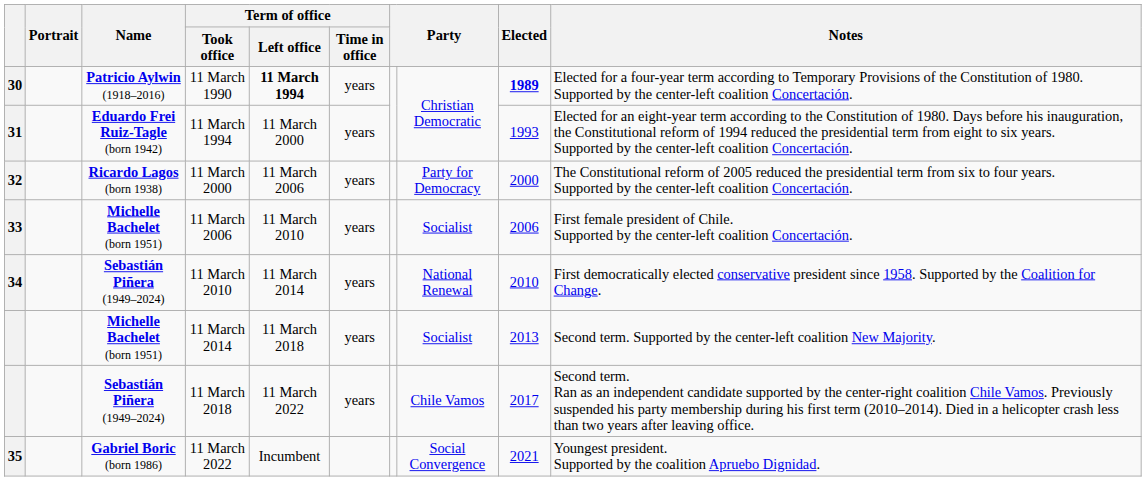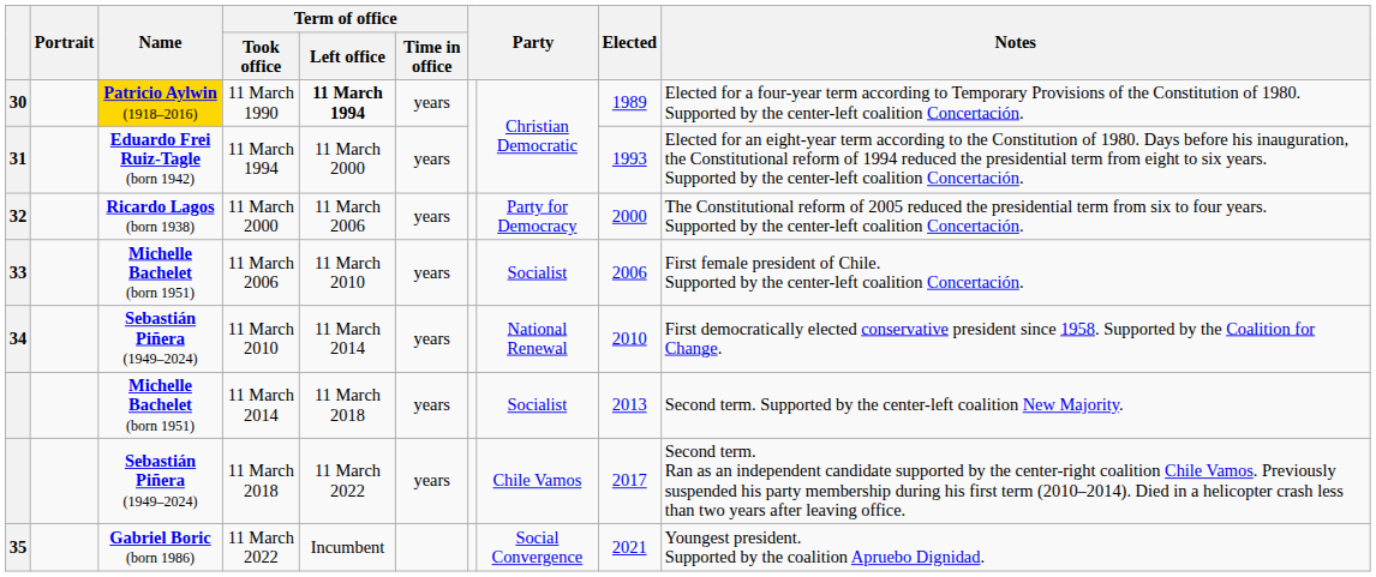 <table class="wikitable" width="100%" style="text-align:center">
 <tr>
 <th rowspan=2></th>
 <th rowspan=2>Portrait</th>
 <th rowspan=2>Name<br></th>
 <th colspan=3>Term of office</th>
 <th colspan=2 rowspan=2>Party</th>
 <th rowspan=2>Elected</th>
 <th rowspan=2>Notes</th>
 </tr>
 <tr>
 <th>Took office</th>
 <th>Left office</th>
 <th>Time in office</th>
 </tr>
 <tr>
 <th>30</th>
 <td></td>
-<td><strong><a href='#'>Patricio Aylwin</a></strong><br><small>(1918–2016)</small></td>
+<td style="background: gold;"><strong><a href='#'>Patricio Aylwin</a></strong><br><small>(1918–2016)</small></td>
 <td>11 March 1990</td>
 <td><strong>11 March 1994</strong></td>
 <td> years</td>
 <td rowspan="2" style="background-color:"></td>
 <td rowspan="2"><a href='#'>Christian Democratic</a></td>
-<td><strong><a href='#'>1989</a></strong></td>
+<td><a href='#'>1989</a></td>
 <td align=left>Elected for a four-year term according to Temporary Provisions of the Constitution of 1980. <br>Supported by the center-left coalition <a href='#'>Concertación</a>.</td>
 </tr>
 <tr>
 <th>31</th>
 <td></td>
 <td><strong><a href='#'>Eduardo Frei Ruiz-Tagle</a></strong><br><small>(born 1942)</small></td>
 <td>11 March 1994</td>
 <td>11 March 2000</td>
 <td> years</td>
 <td><a href='#'>1993</a></td>
 <td align=left>Elected for an eight-year term according to the Constitution of 1980. Days before his inauguration, the Constitutional reform of 1994 reduced the presidential term from eight to six years. <br>Supported by the center-left coalition <a href='#'>Concertación</a>.</td>
 </tr>
 <tr>
 <th>32</th>
 <td></td>
 <td><strong><a href='#'>Ricardo Lagos</a></strong><br><small>(born 1938)</small></td>
 <td>11 March 2000</td>
 <td>11 March 2006</td>
 <td> years</td>
 <td style="background-color:"></td>
 <td><a href='#'>Party for Democracy</a></td>
 <td><a href='#'>2000</a></td>
 <td align=left>The Constitutional reform of 2005 reduced the presidential term from six to four years. <br>Supported by the center-left coalition <a href='#'>Concertación</a>.</td>
 </tr>
 <tr>
 <th>33</th>
 <td></td>
 <td><strong><a href='#'>Michelle Bachelet</a></strong><br><small>(born 1951)</small></td>
 <td>11 March 2006</td>
 <td>11 March 2010</td>
 <td> years</td>
 <td style="background-color:"></td>
 <td><a href='#'>Socialist</a></td>
 <td><a href='#'>2006</a></td>
 <td align=left>First female president of Chile. <br>Supported by the center-left coalition <a href='#'>Concertación</a>.</td>
 </tr>
 <tr>
 <th>34</th>
 <td></td>
 <td><strong><a href='#'>Sebastián Piñera</a></strong><br><small>(1949–2024)</small></td>
 <td>11 March 2010</td>
 <td>11 March 2014</td>
 <td> years</td>
 <td style="background-color:"></td>
 <td><a href='#'>National Renewal</a></td>
 <td><a href='#'>2010</a></td>
 <td align=left>First democratically elected <a href='#'>conservative</a> president since <a href='#'>1958</a>. Supported by the <a href='#'>Coalition for Change</a>.</td>
 </tr>
 <tr>
 <th></th>
 <td></td>
 <td><strong><a href='#'>Michelle Bachelet</a></strong><br><small>(born 1951)</small></td>
 <td>11 March 2014</td>
 <td>11 March 2018</td>
 <td> years</td>
 <td style="background-color:"></td>
 <td><a href='#'>Socialist</a></td>
 <td><a href='#'>2013</a></td>
 <td align=left>Second term. Supported by the center-left coalition <a href='#'>New Majority</a>.</td>
 </tr>
 <tr>
 <th></th>
 <td></td>
 <td><strong><a href='#'>Sebastián Piñera</a></strong><br><small>(1949–2024)</small></td>
 <td>11 March 2018</td>
 <td>11 March 2022</td>
 <td> years</td>
 <td style="background-color:"></td>
 <td><a href='#'>Chile Vamos</a></td>
 <td><a href='#'>2017</a></td>
 <td align=left>Second term.<br>Ran as an independent candidate supported by the center-right coalition <a href='#'>Chile Vamos</a>. Previously suspended his party membership during his first term (2010–2014). Died in a helicopter crash less than two years after leaving office.</td>
 </tr>
 <tr>
 <th>35</th>
 <td></td>
 <td><strong><a href='#'>Gabriel Boric</a></strong><br><small>(born 1986)</small></td>
 <td>11 March 2022</td>
 <td>Incumbent</td>
 <td></td>
 <td style="background-color:"></td>
 <td><a href='#'>Social Convergence</a></td>
 <td><a href='#'>2021</a></td>
 <td align=left>Youngest president.<br>Supported by the coalition <a href='#'>Apruebo Dignidad</a>.</td>
 </tr>
 </table>
